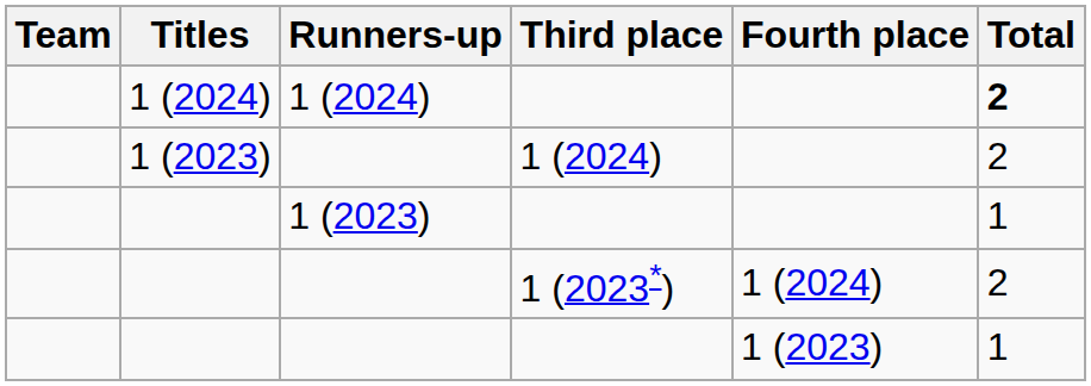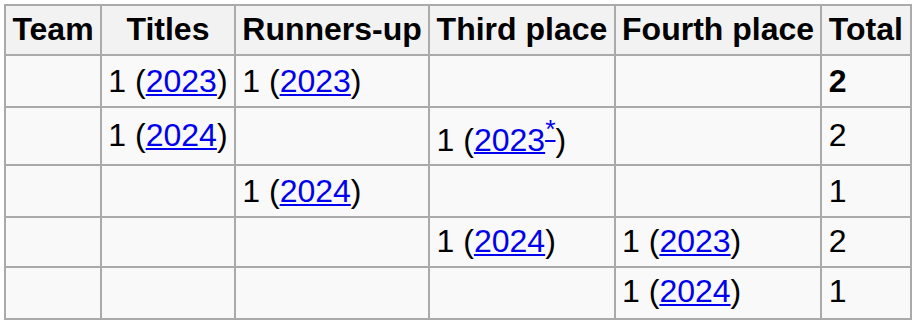 <table class="wikitable sortable">
 <tr>
 <th>Team</th>
 <th>Titles</th>
 <th>Runners-up</th>
 <th>Third place</th>
 <th>Fourth place</th>
 <th>Total</th>
 </tr>
 <tr>
 <td></td>
-<td>1 (<a href='#'>2024</a>)</td>
-<td>1 (<a href='#'>2024</a>)</td>
+<td>1 (<a href='#'>2023</a>)</td>
+<td>1 (<a href='#'>2023</a>)</td>
 <td></td>
 <td></td>
 <td><strong>2</strong></td>
 </tr>
 <tr>
 <td></td>
-<td>1 (<a href='#'>2023</a>)</td>
+<td>1 (<a href='#'>2024</a>)</td>
 <td></td>
-<td>1 (<a href='#'>2024</a>)</td>
+<td>1 (<a href='#'>2023</a><sup><a href='#'>*</a></sup>)</td>
 <td></td>
 <td>2</td>
 </tr>
 <tr>
 <td></td>
 <td></td>
-<td>1 (<a href='#'>2023</a>)</td>
+<td>1 (<a href='#'>2024</a>)</td>
 <td></td>
 <td></td>
 <td>1</td>
 </tr>
 <tr>
 <td></td>
 <td></td>
 <td></td>
-<td>1 (<a href='#'>2023</a><sup><a href='#'>*</a></sup>)</td>
 <td>1 (<a href='#'>2024</a>)</td>
+<td>1 (<a href='#'>2023</a>)</td>
 <td>2</td>
 </tr>
 <tr>
 <td></td>
 <td></td>
 <td></td>
 <td></td>
-<td>1 (<a href='#'>2023</a>)</td>
+<td>1 (<a href='#'>2024</a>)</td>
 <td>1</td>
 </tr>
 <tr>
 </tr>
 </table>
